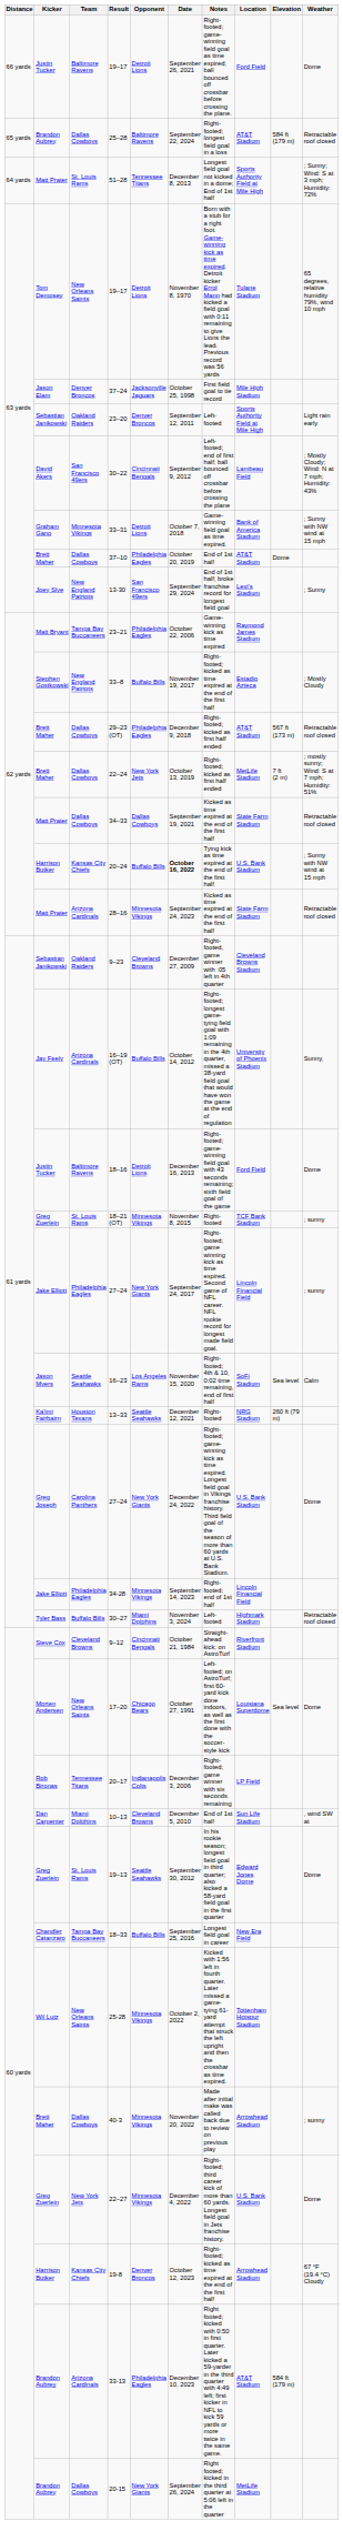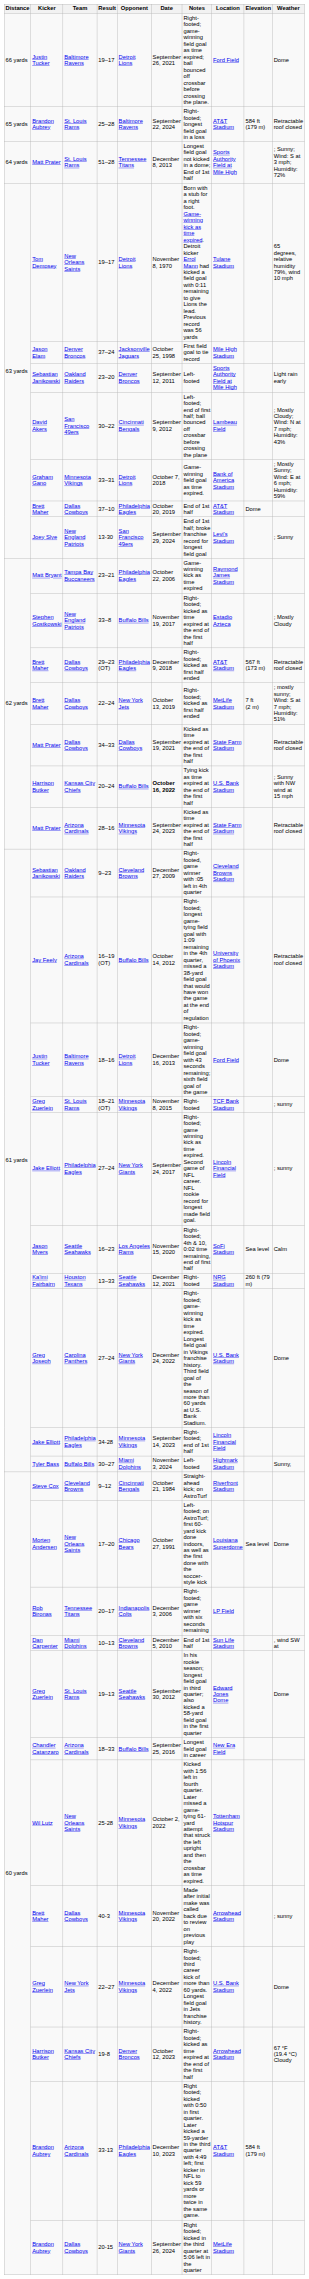 <table class="wikitable sortable">
 <tr>
 <th>Distance</th>
 <th>Kicker</th>
 <th>Team</th>
 <th>Result</th>
 <th>Opponent</th>
 <th>Date</th>
 <th>Notes</th>
 <th>Location</th>
 <th>Elevation</th>
 <th>Weather</th>
 </tr>
 <tr>
 <td>66 yards</td>
 <td><a href='#'>Justin Tucker</a></td>
 <td><a href='#'>Baltimore Ravens</a></td>
 <td>19–17</td>
 <td><a href='#'>Detroit Lions</a></td>
 <td>September 26, 2021</td>
 <td>Right-footed; game-winning field goal as time expired; ball bounced off crossbar before crossing the plane.</td>
 <td><a href='#'>Ford Field</a></td>
 <td></td>
 <td>Dome</td>
 </tr>
 <tr>
 <td>65 yards</td>
 <td><a href='#'>Brandon Aubrey</a></td>
-<td><a href='#'>Dallas Cowboys</a></td>
+<td><a href='#'>St. Louis Rams</a></td>
 <td>25–28</td>
 <td><a href='#'>Baltimore Ravens</a></td>
 <td>September 22, 2024</td>
 <td>Right-footed; longest field goal in a loss</td>
 <td><a href='#'>AT&T Stadium</a></td>
 <td>584 ft (179 m)</td>
 <td>Retractable roof closed</td>
 </tr>
 <tr>
 <td>64 yards</td>
 <td><a href='#'>Matt Prater</a></td>
 <td><a href='#'>St. Louis Rams</a></td>
 <td>51–28</td>
 <td><a href='#'>Tennessee Titans</a></td>
 <td>December 8, 2013</td>
 <td>Longest field goal not kicked in a dome; End of 1st half</td>
 <td><a href='#'>Sports Authority Field at Mile High</a></td>
 <td></td>
 <td>; Sunny; Wind: S at 3 mph; Humidity: 72%</td>
 </tr>
 <tr>
 <td rowspan="7">63 yards</td>
 <td><a href='#'>Tom Dempsey</a></td>
 <td><a href='#'>New Orleans Saints</a></td>
 <td>19–17</td>
 <td><a href='#'>Detroit Lions</a></td>
 <td>November 8, 1970</td>
 <td>Born with a stub for a right foot. <a href='#'>Game-winning kick as time expired</a>. Detroit kicker <a href='#'>Errol Mann</a> had kicked a field goal with 0:11 remaining to give Lions the lead. Previous record was 56 yards </td>
 <td><a href='#'>Tulane Stadium</a></td>
 <td></td>
 <td>65 degrees, relative humidity 79%, wind 10 mph</td>
 </tr>
 <tr>
 <td><a href='#'>Jason Elam</a></td>
 <td><a href='#'>Denver Broncos</a></td>
 <td>37–24</td>
 <td><a href='#'>Jacksonville Jaguars</a></td>
 <td>October 25, 1998</td>
 <td>First field goal to tie record</td>
 <td><a href='#'>Mile High Stadium</a></td>
 <td></td>
 <td></td>
 </tr>
 <tr>
 <td><a href='#'>Sebastian Janikowski</a></td>
 <td><a href='#'>Oakland Raiders</a></td>
 <td>23–20</td>
 <td><a href='#'>Denver Broncos</a></td>
 <td>September 12, 2011</td>
 <td>Left-footed</td>
 <td><a href='#'>Sports Authority Field at Mile High</a></td>
 <td></td>
 <td>Light rain early</td>
 </tr>
 <tr>
 <td><a href='#'>David Akers</a></td>
 <td><a href='#'>San Francisco 49ers</a></td>
 <td>30–22</td>
 <td><a href='#'>Cincinnati Bengals</a></td>
 <td>September 9, 2012</td>
 <td>Left-footed; end of first half; ball bounced off crossbar before crossing the plane</td>
 <td><a href='#'>Lambeau Field</a></td>
 <td></td>
 <td>; Mostly Cloudy; Wind: N at 7 mph; Humidity: 43%</td>
 </tr>
 <tr>
 <td><a href='#'>Graham Gano</a></td>
 <td><a href='#'>Minnesota Vikings</a></td>
 <td>33–31</td>
 <td><a href='#'>Detroit Lions</a></td>
 <td>October 7, 2018</td>
 <td>Game-winning field goal as time expired.</td>
 <td><a href='#'>Bank of America Stadium </a></td>
 <td></td>
-<td>; Sunny with NW wind at 15 mph</td>
+<td>; Mostly Sunny; Wind: E at 6 mph; Humidity: 59%</td>
 </tr>
 <tr>
 <td><a href='#'>Brett Maher</a></td>
 <td><a href='#'>Dallas Cowboys</a></td>
 <td>37–10</td>
 <td><a href='#'>Philadelphia Eagles</a></td>
 <td>October 20, 2019</td>
 <td>End of 1st half</td>
 <td><a href='#'>AT&T Stadium</a></td>
 <td>Dome</td>
 <td></td>
 </tr>
 <tr>
 <td><a href='#'>Joey Slye</a></td>
 <td><a href='#'>New England Patriots</a></td>
 <td>13-30</td>
 <td><a href='#'>San Francisco 49ers</a></td>
 <td>September 29, 2024</td>
 <td>End of 1st half; broke franchise record for longest field goal</td>
 <td><a href='#'>Levi's Stadium</a></td>
 <td></td>
 <td>; Sunny</td>
 </tr>
 <tr>
 <td rowspan="7">62 yards</td>
 <td><a href='#'>Matt Bryant</a></td>
 <td><a href='#'>Tampa Bay Buccaneers</a></td>
 <td>23–21</td>
 <td><a href='#'>Philadelphia Eagles</a></td>
 <td>October 22, 2006</td>
 <td>Game-winning kick as time expired</td>
 <td><a href='#'>Raymond James Stadium</a></td>
 <td></td>
 <td></td>
 </tr>
 <tr>
 <td><a href='#'>Stephen Gostkowski</a></td>
 <td><a href='#'>New England Patriots</a></td>
 <td>33–8</td>
 <td><a href='#'>Buffalo Bills</a></td>
 <td>November 19, 2017</td>
 <td>Right-footed; kicked as time expired at the end of the first half</td>
 <td><a href='#'>Estadio Azteca</a></td>
 <td></td>
 <td>; Mostly Cloudy</td>
 </tr>
 <tr>
 <td><a href='#'>Brett Maher</a></td>
 <td><a href='#'>Dallas Cowboys</a></td>
 <td>29–23 (OT)</td>
 <td><a href='#'>Philadelphia Eagles</a></td>
 <td>December 9, 2018</td>
 <td>Right-footed; kicked as first half ended</td>
 <td><a href='#'>AT&T Stadium</a></td>
 <td>567 ft<br>(173 m)</td>
 <td>Retractable roof closed</td>
 </tr>
 <tr>
 <td><a href='#'>Brett Maher</a></td>
 <td><a href='#'>Dallas Cowboys</a></td>
 <td>22–24</td>
 <td><a href='#'>New York Jets</a></td>
 <td>October 13, 2019</td>
 <td>Right-footed; kicked as first half ended</td>
 <td><a href='#'>MetLife Stadium</a></td>
 <td>7 ft<br>(2 m)</td>
 <td>; mostly sunny; Wind: S at 7 mph; Humidity: 51%</td>
 </tr>
 <tr>
 <td><a href='#'>Matt Prater</a></td>
 <td><a href='#'>Dallas Cowboys</a></td>
 <td>34–33</td>
 <td><a href='#'>Dallas Cowboys</a></td>
 <td>September 19, 2021</td>
 <td>Kicked as time expired at the end of the first half</td>
 <td><a href='#'>State Farm Stadium</a></td>
 <td></td>
 <td>Retractable roof closed</td>
 </tr>
 <tr>
 <td><a href='#'>Harrison Butker</a></td>
 <td><a href='#'>Kansas City Chiefs</a></td>
 <td>20–24</td>
 <td><a href='#'>Buffalo Bills</a></td>
 <td><strong>October 16, 2022</strong></td>
 <td>Tying kick as time expired at the end of the first half</td>
 <td><a href='#'>U.S. Bank Stadium</a></td>
 <td></td>
 <td>; Sunny with NW wind at 15 mph</td>
 </tr>
 <tr>
 <td><a href='#'>Matt Prater</a></td>
 <td><a href='#'>Arizona Cardinals</a></td>
 <td>28–16</td>
 <td><a href='#'>Minnesota Vikings</a></td>
 <td>September 24, 2023</td>
 <td>Kicked as time expired at the end of the first half</td>
 <td><a href='#'>State Farm Stadium</a></td>
 <td></td>
 <td>Retractable roof closed</td>
 </tr>
 <tr>
 <td rowspan="10">61 yards</td>
 <td><a href='#'>Sebastian Janikowski</a></td>
 <td><a href='#'>Oakland Raiders</a></td>
 <td>9–23</td>
 <td><a href='#'>Cleveland Browns</a></td>
 <td>December 27, 2009</td>
 <td>Right-footed, game winner with :05 left in 4th quarter</td>
 <td><a href='#'>Cleveland Browns Stadium</a></td>
 <td></td>
 <td></td>
 </tr>
 <tr>
 <td><a href='#'>Jay Feely</a></td>
 <td><a href='#'>Arizona Cardinals</a></td>
 <td>16–19 (OT)</td>
 <td><a href='#'>Buffalo Bills</a></td>
 <td>October 14, 2012</td>
 <td>Right-footed; longest game-tying field goal with 1:09 remaining in the 4th quarter, missed a 38-yard field goal that would have won the game at the end of regulation</td>
 <td><a href='#'>University of Phoenix Stadium</a></td>
 <td></td>
-<td>Sunny, </td>
+<td>Retractable roof closed</td>
 </tr>
 <tr>
 <td><a href='#'>Justin Tucker</a></td>
 <td><a href='#'>Baltimore Ravens</a></td>
 <td>18–16</td>
 <td><a href='#'>Detroit Lions</a></td>
 <td>December 16, 2013</td>
 <td>Right-footed; game-winning field goal with 43 seconds remaining; sixth field goal of the game</td>
 <td><a href='#'>Ford Field</a></td>
 <td></td>
 <td>Dome</td>
 </tr>
 <tr>
 <td><a href='#'>Greg Zuerlein</a></td>
 <td><a href='#'>St. Louis Rams</a></td>
 <td>18–21 (OT)</td>
 <td><a href='#'>Minnesota Vikings</a></td>
 <td>November 8, 2015</td>
 <td>Right-footed</td>
 <td><a href='#'>TCF Bank Stadium</a></td>
 <td></td>
 <td>; sunny</td>
 </tr>
 <tr>
 <td><a href='#'>Jake Elliott</a></td>
 <td><a href='#'>Philadelphia Eagles</a></td>
 <td>27–24</td>
 <td><a href='#'>New York Giants</a></td>
 <td>September 24, 2017</td>
 <td>Right-footed; game winning kick as time expired. Second game of NFL career. NFL rookie record for longest made field goal.</td>
 <td><a href='#'>Lincoln Financial Field</a></td>
 <td></td>
 <td>; sunny</td>
 </tr>
 <tr>
 <td><a href='#'>Jason Myers</a></td>
 <td><a href='#'>Seattle Seahawks</a></td>
 <td>16–23</td>
 <td><a href='#'>Los Angeles Rams</a></td>
 <td>November 15, 2020</td>
 <td>Right-footed; 4th & 10, 0:02 time remaining, end of first half</td>
 <td><a href='#'>SoFi Stadium</a></td>
 <td>Sea level</td>
 <td>Calm</td>
 </tr>
 <tr>
 <td><a href='#'>Ka'imi Fairbairn</a></td>
 <td><a href='#'>Houston Texans</a></td>
 <td>13–33</td>
 <td><a href='#'>Seattle Seahawks</a></td>
 <td>December 12, 2021</td>
 <td>Right-footed</td>
 <td><a href='#'>NRG Stadium</a></td>
 <td>260 ft (79 m)</td>
 <td></td>
 </tr>
 <tr>
 <td><a href='#'>Greg Joseph</a></td>
 <td><a href='#'>Carolina Panthers</a></td>
 <td>27–24</td>
 <td><a href='#'>New York Giants</a></td>
 <td>December 24, 2022</td>
 <td>Right-footed; game-winning kick as time expired. Longest field goal in Vikings franchise history. Third field goal of the season of more than 60 yards at U.S. Bank Stadium.</td>
 <td><a href='#'>U.S. Bank Stadium</a></td>
 <td></td>
 <td>Dome</td>
 </tr>
 <tr>
 <td><a href='#'>Jake Elliott</a></td>
 <td><a href='#'>Philadelphia Eagles</a></td>
 <td>34-28</td>
 <td><a href='#'>Minnesota Vikings</a></td>
 <td>September 14, 2023</td>
 <td>Right-footed; end of 1st half</td>
 <td><a href='#'>Lincoln Financial Field</a></td>
 <td></td>
 <td></td>
 </tr>
 <tr>
 <td><a href='#'>Tyler Bass</a></td>
 <td><a href='#'>Buffalo Bills</a></td>
 <td>30–27</td>
 <td><a href='#'>Miami Dolphins</a></td>
 <td>November 3, 2024</td>
 <td>Left-footed</td>
 <td><a href='#'>Highmark Stadium</a></td>
 <td></td>
-<td>Retractable roof closed</td>
+<td>Sunny, </td>
 </tr>
 <tr>
 <td rowspan="12">60 yards</td>
 <td><a href='#'>Steve Cox</a></td>
 <td><a href='#'>Cleveland Browns</a></td>
 <td>9–12</td>
 <td><a href='#'>Cincinnati Bengals</a></td>
 <td>October 21, 1984</td>
 <td>Straight-ahead kick; on AstroTurf</td>
 <td><a href='#'>Riverfront Stadium</a></td>
 <td></td>
 <td></td>
 </tr>
 <tr>
 <td><a href='#'>Morten Andersen</a></td>
 <td><a href='#'>New Orleans Saints</a></td>
 <td>17–20</td>
 <td><a href='#'>Chicago Bears</a></td>
 <td>October 27, 1991</td>
 <td>Left-footed; on AstroTurf; first 60-yard kick done indoors, as well as the first done with the soccer-style kick</td>
 <td><a href='#'>Louisiana Superdome</a></td>
 <td>Sea level</td>
 <td>Dome</td>
 </tr>
 <tr>
 <td><a href='#'>Rob Bironas</a></td>
 <td><a href='#'>Tennessee Titans</a></td>
 <td>20–17</td>
 <td><a href='#'>Indianapolis Colts</a></td>
 <td>December 3, 2006</td>
 <td>Right-footed; game winner with six seconds remaining</td>
 <td><a href='#'>LP Field</a></td>
 <td></td>
 <td></td>
 </tr>
 <tr>
 <td><a href='#'>Dan Carpenter</a></td>
 <td><a href='#'>Miami Dolphins</a></td>
 <td>10–13</td>
 <td><a href='#'>Cleveland Browns</a></td>
 <td>December 5, 2010</td>
 <td>End of 1st half</td>
 <td><a href='#'>Sun Life Stadium</a></td>
 <td></td>
 <td>, wind SW at </td>
 </tr>
 <tr>
 <td><a href='#'>Greg Zuerlein</a></td>
 <td><a href='#'>St. Louis Rams</a></td>
 <td>19–13</td>
 <td><a href='#'>Seattle Seahawks</a></td>
 <td>September 30, 2012</td>
 <td>In his rookie season; longest field goal in third quarter; also kicked a 58-yard field goal in the first quarter</td>
 <td><a href='#'>Edward Jones Dome</a></td>
 <td></td>
 <td>Dome</td>
 </tr>
 <tr>
 <td><a href='#'>Chandler Catanzaro</a></td>
-<td><a href='#'>Tampa Bay Buccaneers</a></td>
+<td><a href='#'>Arizona Cardinals</a></td>
 <td>18–33</td>
 <td><a href='#'>Buffalo Bills</a></td>
 <td>September 25, 2016</td>
 <td>Longest field goal in career</td>
 <td><a href='#'>New Era Field</a></td>
 <td></td>
 <td></td>
 </tr>
 <tr>
 <td><a href='#'>Wil Lutz</a></td>
 <td><a href='#'>New Orleans Saints</a></td>
 <td>25-28</td>
 <td><a href='#'>Minnesota Vikings</a></td>
 <td>October 2, 2022</td>
 <td>Kicked with 1:56 left in fourth quarter. Later missed a game-tying 61-yard attempt that struck the left upright and then the crossbar as time expired.</td>
 <td><a href='#'>Tottenham Hotspur Stadium</a></td>
 <td></td>
 <td></td>
 </tr>
 <tr>
 <td><a href='#'>Brett Maher</a></td>
 <td><a href='#'>Dallas Cowboys</a></td>
 <td>40-3</td>
 <td><a href='#'>Minnesota Vikings</a></td>
 <td>November 20, 2022</td>
 <td>Made after initial make was called back due to review on previous play</td>
 <td><a href='#'>Arrowhead Stadium</a></td>
 <td></td>
 <td>; sunny</td>
 </tr>
 <tr>
 <td><a href='#'>Greg Zuerlein</a></td>
 <td><a href='#'>New York Jets</a></td>
 <td>22–27</td>
 <td><a href='#'>Minnesota Vikings</a></td>
 <td>December 4, 2022</td>
 <td>Right-footed; third career kick of more than 60 yards. Longest field goal in Jets franchise history.</td>
 <td><a href='#'>U.S. Bank Stadium</a></td>
 <td></td>
 <td>Dome</td>
 </tr>
 <tr>
 <td><a href='#'>Harrison Butker</a></td>
 <td><a href='#'>Kansas City Chiefs</a></td>
 <td>19-8</td>
 <td><a href='#'>Denver Broncos</a></td>
 <td>October 12, 2023</td>
 <td>Right-footed; kicked as time expired at the end of the first half</td>
 <td><a href='#'>Arrowhead Stadium</a></td>
 <td></td>
 <td>67 °F<br>(19.4 °C) Cloudy</td>
 </tr>
 <tr>
 <td><a href='#'>Brandon Aubrey</a></td>
 <td><a href='#'>Arizona Cardinals</a></td>
 <td>33-13</td>
 <td><a href='#'>Philadelphia Eagles</a></td>
 <td>December 10, 2023</td>
 <td>Right footed; kicked with 0:50 in first quarter. Later kicked a 59-yarder in the third quarter with 4:49 left; first kicker in NFL to kick 59 yards or more twice in the same game.</td>
 <td><a href='#'>AT&T Stadium</a></td>
 <td>584 ft (179 m)</td>
 <td></td>
 </tr>
 <tr>
 <td><a href='#'>Brandon Aubrey</a></td>
 <td><a href='#'>Dallas Cowboys</a></td>
 <td>20-15</td>
 <td><a href='#'>New York Giants</a></td>
 <td>September 26, 2024</td>
 <td>Right footed; kicked in the third quarter at 5:06 left in the quarter</td>
 <td><a href='#'>MetLife Stadium</a></td>
 <td></td>
 <td></td>
 </tr>
 </table>
